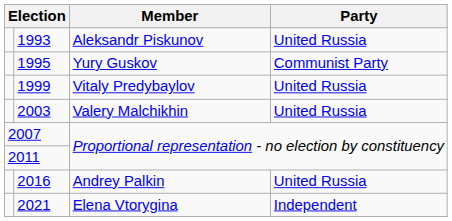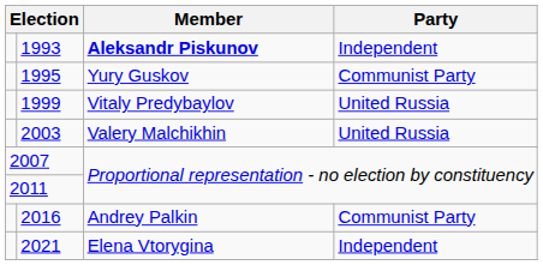 <table class="wikitable">
 <tr>
 <th colspan="2">Election</th>
 <th>Member</th>
 <th>Party</th>
 </tr>
 <tr>
 <td style="background-color:"></td>
 <td><a href='#'>1993</a></td>
-<td><a href='#'>Aleksandr Piskunov</a></td>
-<td><a href='#'>United Russia</a></td>
+<td><strong><a href='#'>Aleksandr Piskunov</a></strong></td>
+<td><a href='#'>Independent</a></td>
 </tr>
 <tr>
 <td style="background-color:"></td>
 <td><a href='#'>1995</a></td>
 <td><a href='#'>Yury Guskov</a></td>
 <td><a href='#'>Communist Party</a></td>
 </tr>
 <tr>
 <td style="background-color:"></td>
 <td><a href='#'>1999</a></td>
 <td><a href='#'>Vitaly Predybaylov</a></td>
 <td><a href='#'>United Russia</a></td>
 </tr>
 <tr>
 <td style="background-color:"></td>
 <td><a href='#'>2003</a></td>
 <td><a href='#'>Valery Malchikhin</a></td>
 <td><a href='#'>United Russia</a></td>
 </tr>
 <tr>
 <td colspan=2><a href='#'>2007</a></td>
 <td colspan=2 rowspan=2><em><a href='#'>Proportional representation</a> - no election by constituency</em></td>
 </tr>
 <tr>
 <td colspan=2><a href='#'>2011</a></td>
 </tr>
 <tr>
 <td style="background-color: "></td>
 <td><a href='#'>2016</a></td>
 <td><a href='#'>Andrey Palkin</a></td>
-<td><a href='#'>United Russia</a></td>
+<td><a href='#'>Communist Party</a></td>
 </tr>
 <tr>
 <td style="background-color: "></td>
 <td><a href='#'>2021</a></td>
 <td><a href='#'>Elena Vtorygina</a></td>
 <td><a href='#'>Independent</a></td>
 </tr>
 </table>
